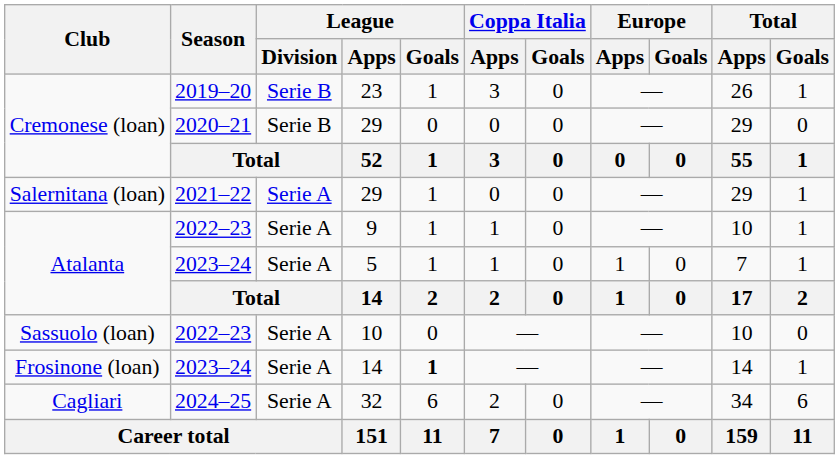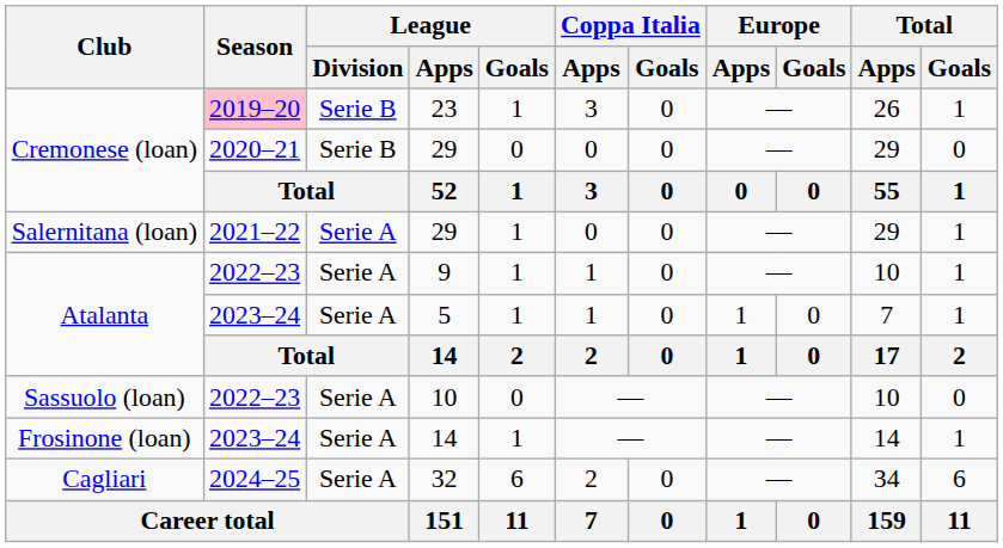 <table class="wikitable" style="text-align:center">
 <tr>
 <th rowspan="2">Club</th>
 <th rowspan="2">Season</th>
 <th colspan="3">League</th>
 <th colspan="2"><a href='#'>Coppa Italia</a></th>
 <th colspan="2">Europe</th>
 <th colspan="2">Total</th>
 </tr>
 <tr>
 <th>Division</th>
 <th>Apps</th>
 <th>Goals</th>
 <th>Apps</th>
 <th>Goals</th>
 <th>Apps</th>
 <th>Goals</th>
 <th>Apps</th>
 <th>Goals</th>
 </tr>
 <tr>
 <td rowspan="3"><a href='#'>Cremonese</a> (loan)</td>
-<td><a href='#'>2019–20</a></td>
+<td style="background: pink;"><a href='#'>2019–20</a></td>
 <td><a href='#'>Serie B</a></td>
 <td>23</td>
 <td>1</td>
 <td>3</td>
 <td>0</td>
 <td colspan="2">—</td>
 <td>26</td>
 <td>1</td>
 </tr>
 <tr>
 <td><a href='#'>2020–21</a></td>
 <td>Serie B</td>
 <td>29</td>
 <td>0</td>
 <td>0</td>
 <td>0</td>
 <td colspan="2">—</td>
 <td>29</td>
 <td>0</td>
 </tr>
 <tr>
 <th colspan="2">Total</th>
 <th>52</th>
 <th>1</th>
 <th>3</th>
 <th>0</th>
 <th>0</th>
 <th>0</th>
 <th>55</th>
 <th>1</th>
 </tr>
 <tr>
 <td><a href='#'>Salernitana</a> (loan)</td>
 <td><a href='#'>2021–22</a></td>
 <td><a href='#'>Serie A</a></td>
 <td>29</td>
 <td>1</td>
 <td>0</td>
 <td>0</td>
 <td colspan="2">—</td>
 <td>29</td>
 <td>1</td>
 </tr>
 <tr>
 <td rowspan="3"><a href='#'>Atalanta</a></td>
 <td><a href='#'>2022–23</a></td>
 <td>Serie A</td>
 <td>9</td>
 <td>1</td>
 <td>1</td>
 <td>0</td>
 <td colspan="2">—</td>
 <td>10</td>
 <td>1</td>
 </tr>
 <tr>
 <td><a href='#'>2023–24</a></td>
 <td>Serie A</td>
 <td>5</td>
 <td>1</td>
 <td>1</td>
 <td>0</td>
 <td>1</td>
 <td>0</td>
 <td>7</td>
 <td>1</td>
 </tr>
 <tr>
 <th colspan="2">Total</th>
 <th>14</th>
 <th>2</th>
 <th>2</th>
 <th>0</th>
 <th>1</th>
 <th>0</th>
 <th>17</th>
 <th>2</th>
 </tr>
 <tr>
 <td><a href='#'>Sassuolo</a> (loan)</td>
 <td><a href='#'>2022–23</a></td>
 <td>Serie A</td>
 <td>10</td>
 <td>0</td>
 <td colspan="2">—</td>
 <td colspan="2">—</td>
 <td>10</td>
 <td>0</td>
 </tr>
 <tr>
 <td><a href='#'>Frosinone</a> (loan)</td>
 <td><a href='#'>2023–24</a></td>
 <td>Serie A</td>
 <td>14</td>
-<td><strong>1</strong></td>
+<td>1</td>
 <td colspan="2">—</td>
 <td colspan="2">—</td>
 <td>14</td>
 <td>1</td>
 </tr>
 <tr>
 <td><a href='#'>Cagliari</a></td>
 <td><a href='#'>2024–25</a></td>
 <td>Serie A</td>
 <td>32</td>
 <td>6</td>
 <td>2</td>
 <td>0</td>
 <td colspan="2">—</td>
 <td>34</td>
 <td>6</td>
 </tr>
 <tr>
 <th colspan="3">Career total</th>
 <th>151</th>
 <th>11</th>
 <th>7</th>
 <th>0</th>
 <th>1</th>
 <th>0</th>
 <th>159</th>
 <th>11</th>
 </tr>
 </table>
